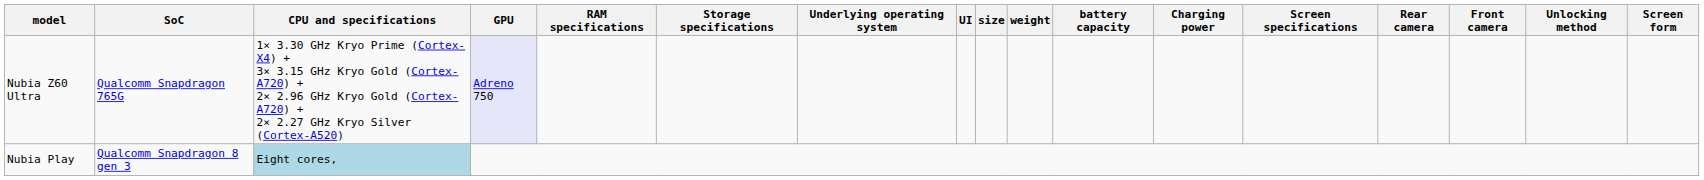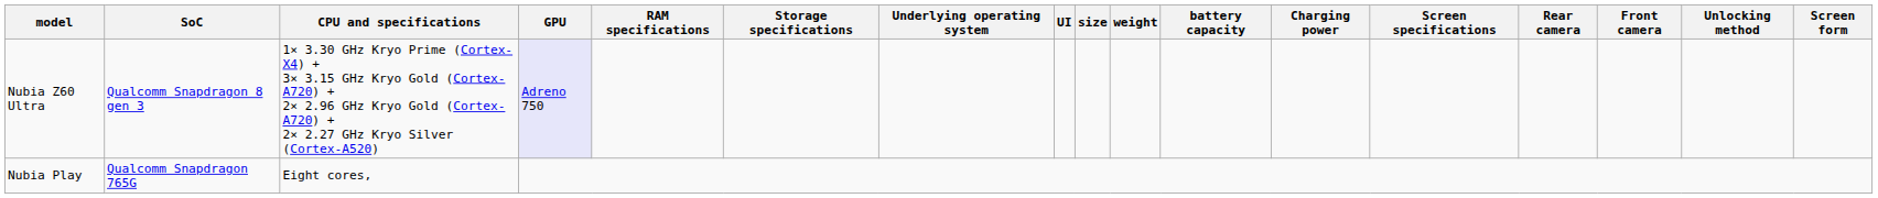 <table class="wikitable">
 <tr>
 <th>model</th>
 <th>SoC</th>
 <th>CPU and specifications</th>
 <th>GPU</th>
 <th>RAM specifications</th>
 <th>Storage specifications</th>
 <th>Underlying operating system</th>
 <th>UI</th>
 <th>size</th>
 <th>weight</th>
 <th>battery capacity</th>
 <th>Charging power</th>
 <th>Screen specifications</th>
 <th>Rear camera</th>
 <th>Front camera</th>
 <th>Unlocking method</th>
 <th>Screen form</th>
 </tr>
 <tr>
 <td>Nubia Z60 Ultra</td>
-<td><a href='#'>Qualcomm Snapdragon 765G</a></td>
+<td><a href='#'>Qualcomm Snapdragon 8 gen 3</a></td>
 <td>1× 3.30 GHz Kryo Prime (<a href='#'>Cortex-X4</a>) +<br>3× 3.15 GHz Kryo Gold (<a href='#'>Cortex-A720</a>) +<br>2× 2.96 GHz Kryo Gold (<a href='#'>Cortex-A720</a>) +<br>2× 2.27 GHz Kryo Silver (<a href='#'>Cortex-A520</a>)</td>
 <td style="background: lavender;"><a href='#'>Adreno</a> 750</td>
 <td></td>
 <td></td>
 <td></td>
 <td></td>
 <td></td>
 <td></td>
 <td></td>
 <td></td>
 <td></td>
 <td></td>
 <td></td>
 <td></td>
 <td></td>
 </tr>
 <tr>
 <td>Nubia Play</td>
-<td><a href='#'>Qualcomm Snapdragon 8 gen 3</a></td>
-<td style="background: lightblue;">Eight cores,<br></td>
+<td><a href='#'>Qualcomm Snapdragon 765G</a></td>
+<td>Eight cores,<br></td>
 </tr>
 </table>
